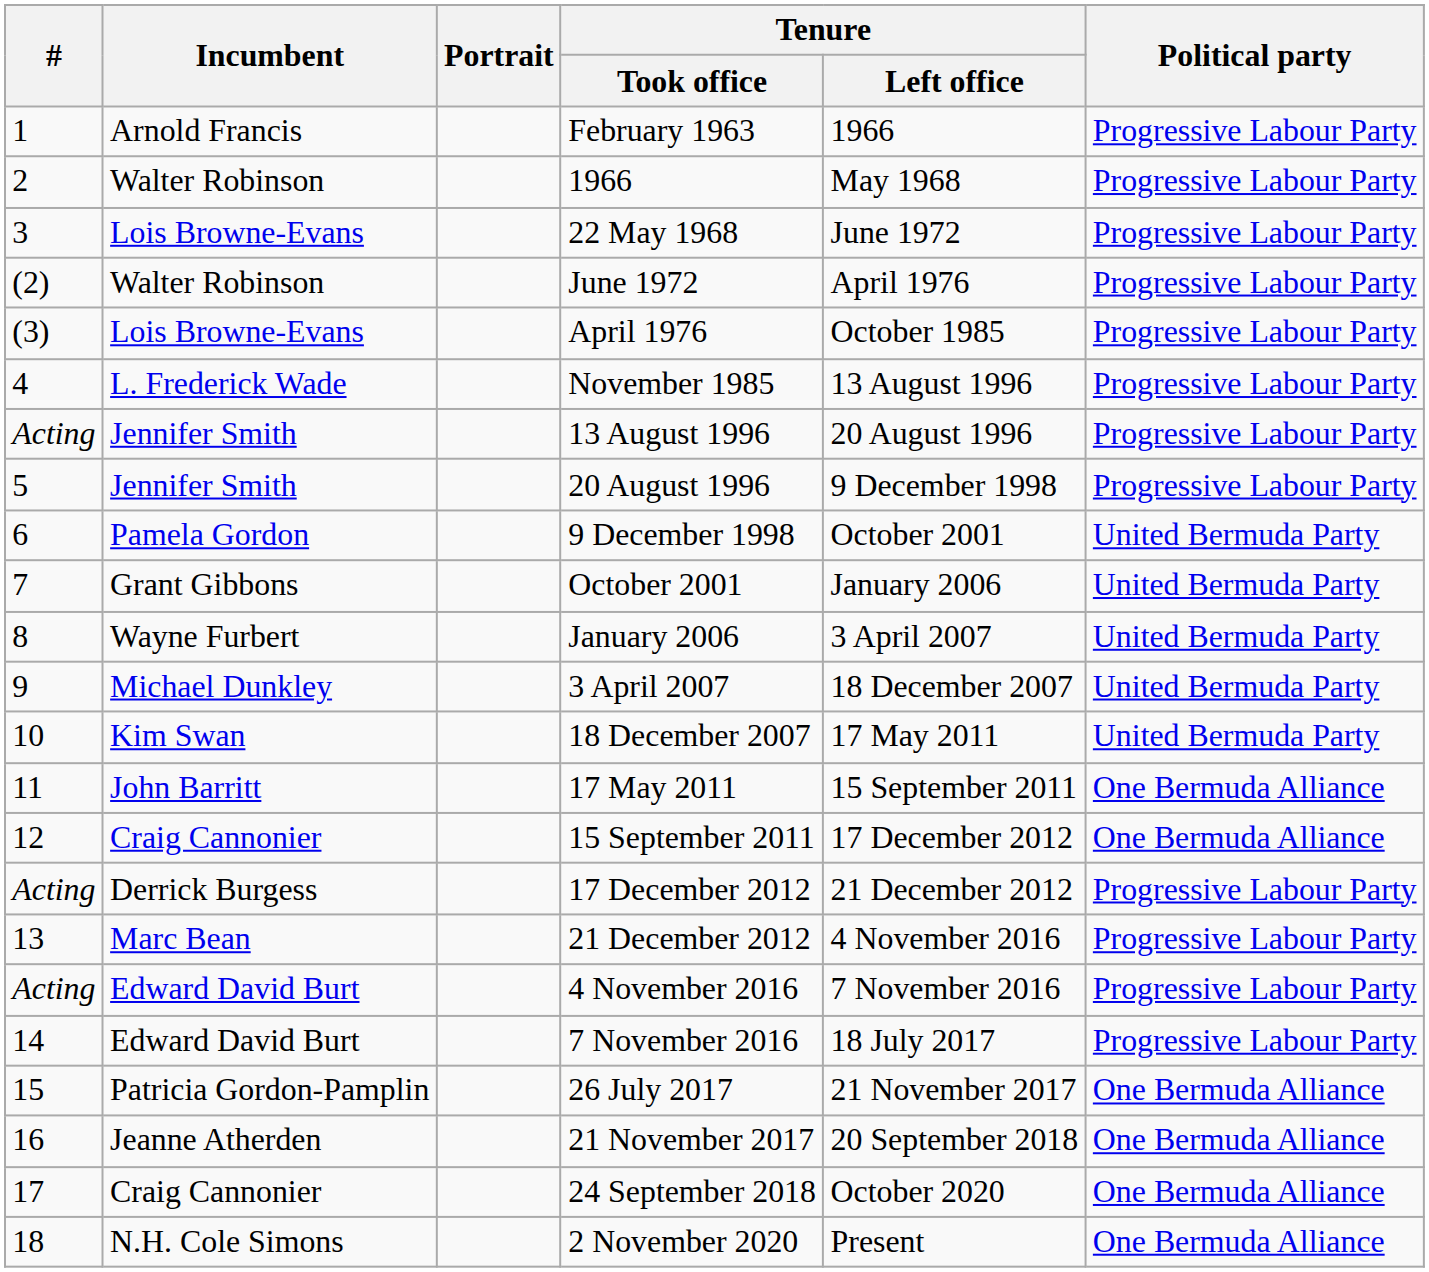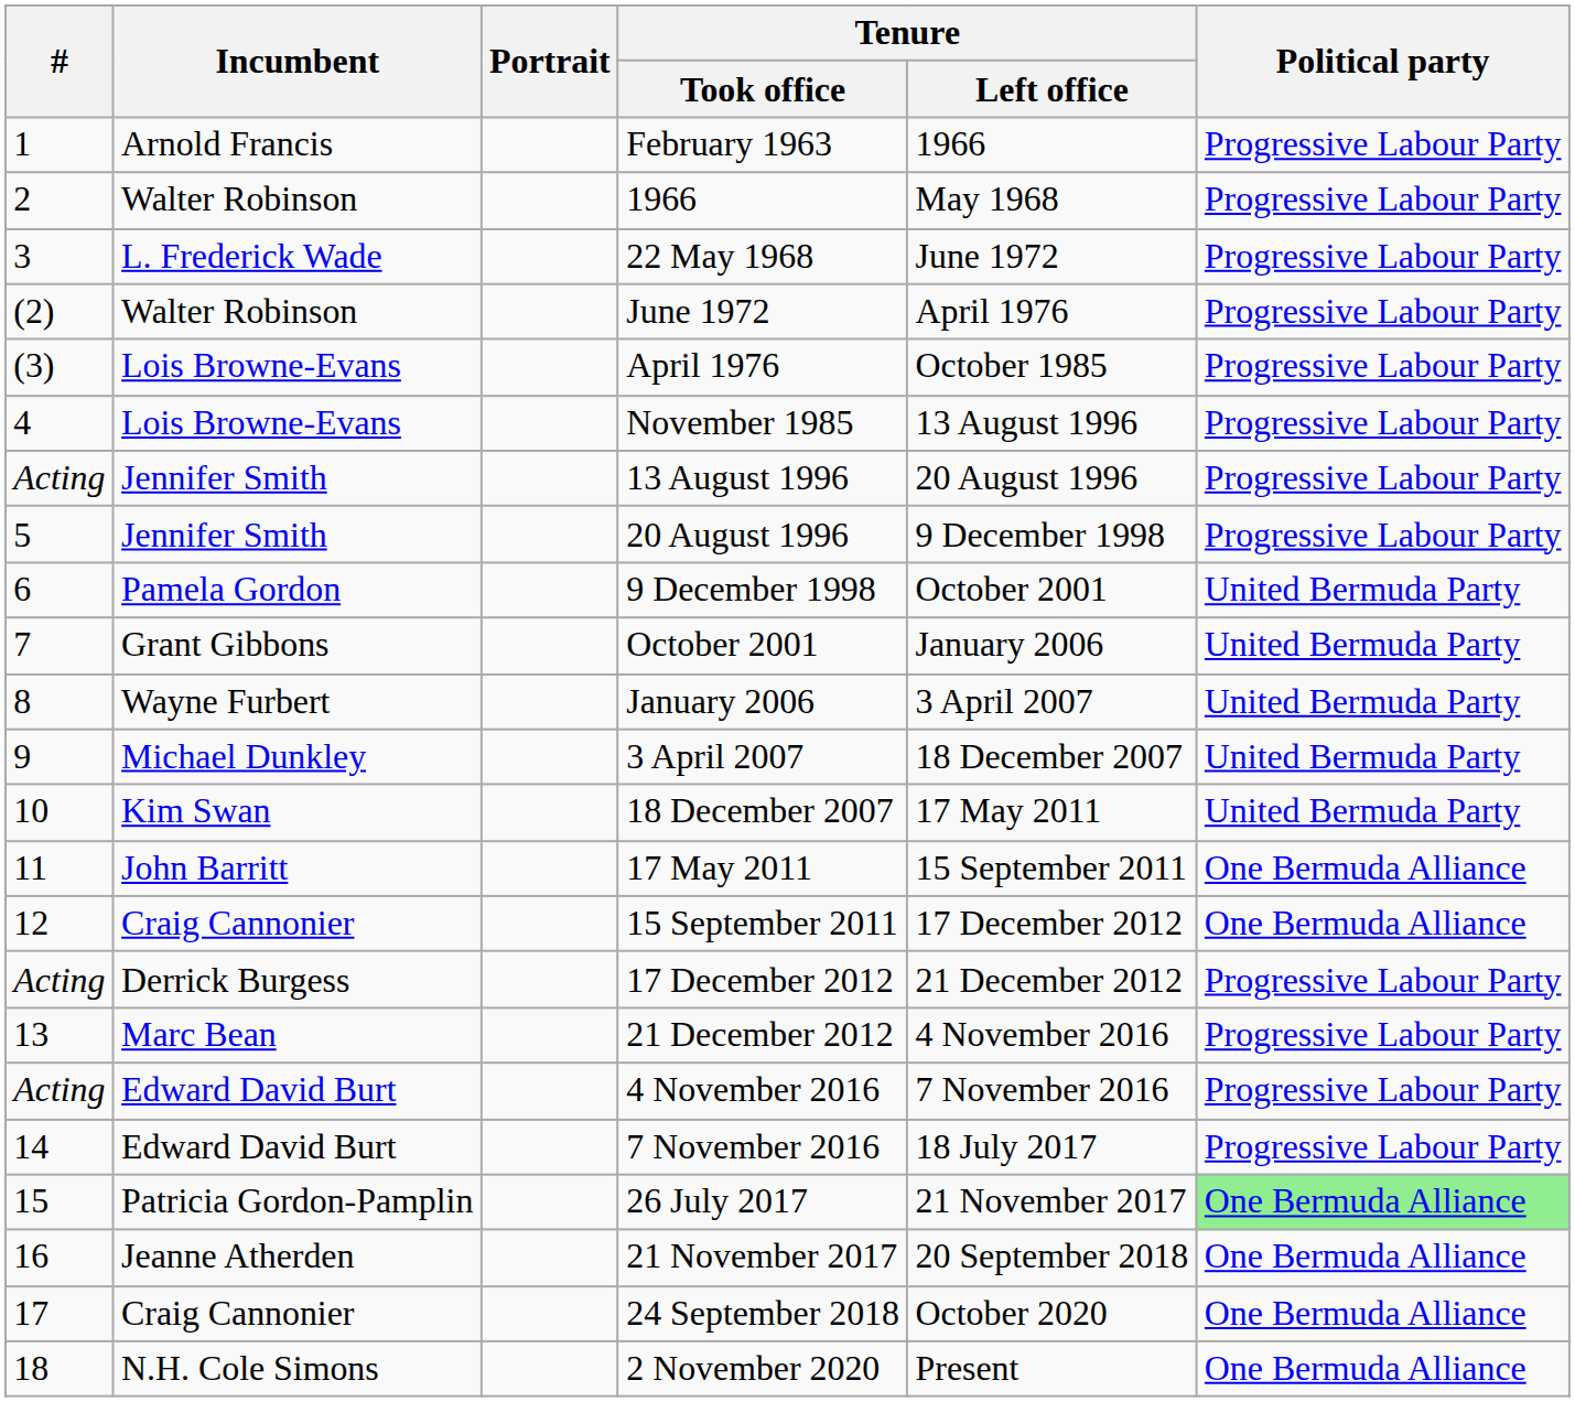 <table class="wikitable">
 <tr>
 <th rowspan="2">#</th>
 <th rowspan="2">Incumbent</th>
 <th rowspan="2">Portrait</th>
 <th colspan="2">Tenure</th>
 <th rowspan="2">Political party</th>
 </tr>
 <tr>
 <th>Took office</th>
 <th>Left office</th>
 </tr>
 <tr>
 <td>1</td>
 <td>Arnold Francis</td>
 <td></td>
 <td>February 1963</td>
 <td>1966</td>
 <td><a href='#'>Progressive Labour Party</a></td>
 </tr>
 <tr>
 <td>2</td>
 <td>Walter Robinson</td>
 <td></td>
 <td>1966</td>
 <td>May 1968</td>
 <td><a href='#'>Progressive Labour Party</a></td>
 </tr>
 <tr>
 <td>3</td>
-<td><a href='#'>Lois Browne-Evans</a></td>
+<td><a href='#'>L. Frederick Wade</a></td>
 <td></td>
 <td>22 May 1968</td>
 <td>June 1972</td>
 <td><a href='#'>Progressive Labour Party</a></td>
 </tr>
 <tr>
 <td>(2)</td>
 <td>Walter Robinson</td>
 <td></td>
 <td>June 1972</td>
 <td>April 1976</td>
 <td><a href='#'>Progressive Labour Party</a></td>
 </tr>
 <tr>
 <td>(3)</td>
 <td><a href='#'>Lois Browne-Evans</a></td>
 <td></td>
 <td>April 1976</td>
 <td>October 1985</td>
 <td><a href='#'>Progressive Labour Party</a></td>
 </tr>
 <tr>
 <td>4</td>
-<td><a href='#'>L. Frederick Wade</a></td>
+<td><a href='#'>Lois Browne-Evans</a></td>
 <td></td>
 <td>November 1985</td>
 <td>13 August 1996</td>
 <td><a href='#'>Progressive Labour Party</a></td>
 </tr>
 <tr>
 <td><em>Acting</em></td>
 <td><a href='#'>Jennifer Smith</a></td>
 <td></td>
 <td>13 August 1996</td>
 <td>20 August 1996</td>
 <td><a href='#'>Progressive Labour Party</a></td>
 </tr>
 <tr>
 <td>5</td>
 <td><a href='#'>Jennifer Smith</a></td>
 <td></td>
 <td>20 August 1996</td>
 <td>9 December 1998</td>
 <td><a href='#'>Progressive Labour Party</a></td>
 </tr>
 <tr>
 <td>6</td>
 <td><a href='#'>Pamela Gordon</a></td>
 <td></td>
 <td>9 December 1998</td>
 <td>October 2001</td>
 <td><a href='#'>United Bermuda Party</a></td>
 </tr>
 <tr>
 <td>7</td>
 <td>Grant Gibbons</td>
 <td></td>
 <td>October 2001</td>
 <td>January 2006</td>
 <td><a href='#'>United Bermuda Party</a></td>
 </tr>
 <tr>
 <td>8</td>
 <td>Wayne Furbert</td>
 <td></td>
 <td>January 2006</td>
 <td>3 April 2007</td>
 <td><a href='#'>United Bermuda Party</a></td>
 </tr>
 <tr>
 <td>9</td>
 <td><a href='#'>Michael Dunkley</a></td>
 <td></td>
 <td>3 April 2007</td>
 <td>18 December 2007</td>
 <td><a href='#'>United Bermuda Party</a></td>
 </tr>
 <tr>
 <td>10</td>
 <td><a href='#'>Kim Swan</a></td>
 <td></td>
 <td>18 December 2007</td>
 <td>17 May 2011</td>
 <td><a href='#'>United Bermuda Party</a></td>
 </tr>
 <tr>
 <td>11</td>
 <td><a href='#'>John Barritt</a></td>
 <td></td>
 <td>17 May 2011</td>
 <td>15 September 2011</td>
 <td><a href='#'>One Bermuda Alliance</a></td>
 </tr>
 <tr>
 <td>12</td>
 <td><a href='#'>Craig Cannonier</a></td>
 <td></td>
 <td>15 September 2011</td>
 <td>17 December 2012</td>
 <td><a href='#'>One Bermuda Alliance</a></td>
 </tr>
 <tr>
 <td><em>Acting</em></td>
 <td>Derrick Burgess</td>
 <td></td>
 <td>17 December 2012</td>
 <td>21 December 2012</td>
 <td><a href='#'>Progressive Labour Party</a></td>
 </tr>
 <tr>
 <td>13</td>
 <td><a href='#'>Marc Bean</a></td>
 <td></td>
 <td>21 December 2012</td>
 <td>4 November 2016</td>
 <td><a href='#'>Progressive Labour Party</a></td>
 </tr>
 <tr>
 <td><em>Acting</em></td>
 <td><a href='#'>Edward David Burt</a></td>
 <td></td>
 <td>4 November 2016</td>
 <td>7 November 2016</td>
 <td><a href='#'>Progressive Labour Party</a></td>
 </tr>
 <tr>
 <td>14</td>
 <td>Edward David Burt</td>
 <td></td>
 <td>7 November 2016</td>
 <td>18 July 2017</td>
 <td><a href='#'>Progressive Labour Party</a></td>
 </tr>
 <tr>
 <td>15</td>
 <td>Patricia Gordon-Pamplin</td>
 <td></td>
 <td>26 July 2017</td>
 <td>21 November 2017</td>
-<td><a href='#'>One Bermuda Alliance</a></td>
+<td style="background: lightgreen;"><a href='#'>One Bermuda Alliance</a></td>
 </tr>
 <tr>
 <td>16</td>
 <td>Jeanne Atherden</td>
 <td></td>
 <td>21 November 2017</td>
 <td>20 September 2018</td>
 <td><a href='#'>One Bermuda Alliance</a></td>
 </tr>
 <tr>
 <td>17</td>
 <td>Craig Cannonier</td>
 <td></td>
 <td>24 September 2018</td>
 <td>October 2020</td>
 <td><a href='#'>One Bermuda Alliance</a></td>
 </tr>
 <tr>
 <td>18</td>
 <td>N.H. Cole Simons</td>
 <td></td>
 <td>2 November 2020</td>
 <td>Present</td>
 <td><a href='#'>One Bermuda Alliance</a></td>
 </tr>
 </table>
